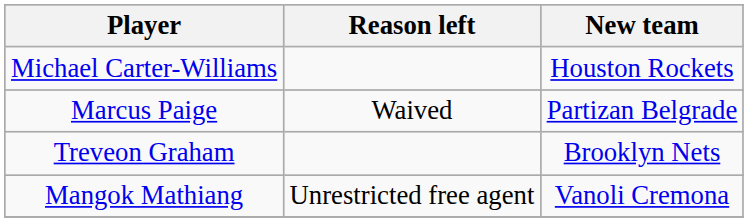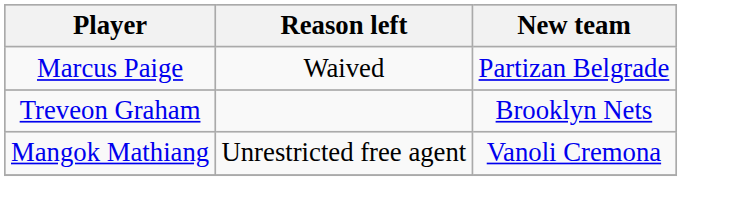 <table class="wikitable sortable sortable" style="text-align: center">
 <tr>
 <th>Player</th>
 <th>Reason left</th>
 <th>New team</th>
-</tr>
-<tr style="text-align: center">
-<td><a href='#'>Michael Carter-Williams</a></td>
-<td></td>
-<td><a href='#'>Houston Rockets</a></td>
 </tr>
 <tr style="text-align: center">
 <td><a href='#'>Marcus Paige</a></td>
 <td>Waived</td>
 <td> <a href='#'>Partizan Belgrade</a></td>
 </tr>
 <tr>
 <td><a href='#'>Treveon Graham</a></td>
 <td></td>
 <td><a href='#'>Brooklyn Nets</a></td>
 </tr>
 <tr style="text-align: center">
 <td><a href='#'>Mangok Mathiang</a></td>
 <td>Unrestricted free agent</td>
 <td> <a href='#'>Vanoli Cremona</a></td>
 </tr>
 <tr>
 </tr>
 </table>
